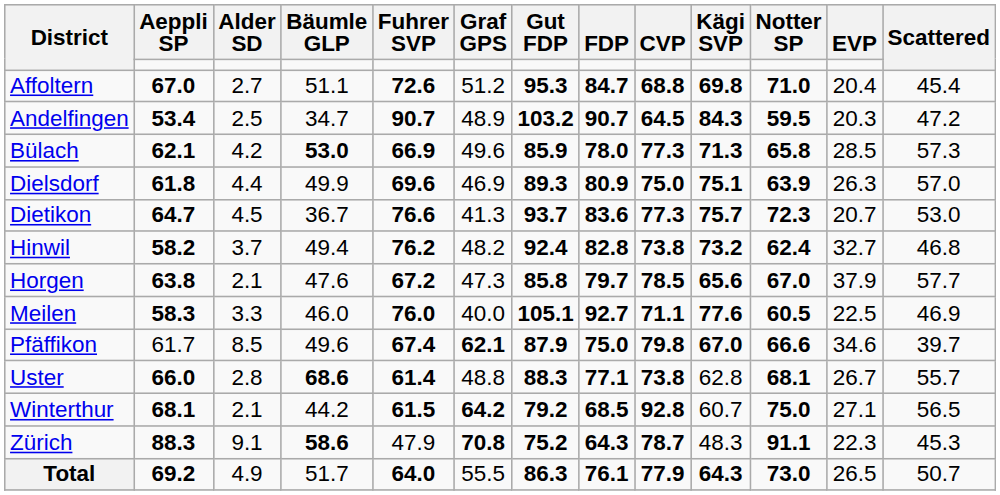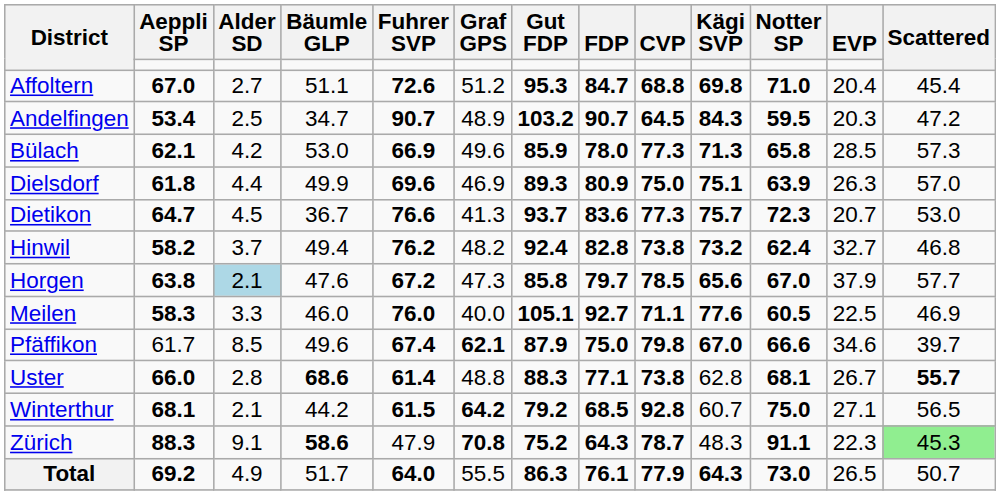 <table class="wikitable" style="text-align:center; font-size:90%; line-height:14px;">
 <tr>
 <th rowspan=2>District</th>
 <th>Aeppli<br>SP</th>
 <th>Alder<br>SD</th>
 <th>Bäumle<br>GLP</th>
 <th>Fuhrer<br>SVP</th>
 <th>Graf<br>GPS</th>
 <th>Gut<br>FDP</th>
 <th><br>FDP</th>
 <th><br>CVP</th>
 <th>Kägi<br>SVP</th>
 <th>Notter<br>SP</th>
 <th><br>EVP</th>
 <th rowspan=2>Scattered</th>
 </tr>
 <tr>
 <td style="width:40px; background-color:"></td>
 <td style="width:40px; background-color:"></td>
 <td style="width:40px; background-color:"></td>
 <td style="width:40px; background-color:"></td>
 <td style="width:40px; background-color:"></td>
 <td style="width:40px; background-color:"></td>
 <td style="width:40px; background-color:"></td>
 <td style="width:40px; background-color:"></td>
 <td style="width:40px; background-color:"></td>
 <td style="width:40px; background-color:"></td>
 <td style="width:40px; background-color:"></td>
 </tr>
 <tr>
 <td align="left"><a href='#'>Affoltern</a></td>
 <td style="background-color:#"><strong>67.0</strong></td>
 <td>2.7</td>
 <td>51.1</td>
 <td style="background-color:#"><strong>72.6</strong></td>
 <td>51.2</td>
 <td style="background-color:#"><strong>95.3</strong></td>
 <td style="background-color:#"><strong>84.7</strong></td>
 <td style="background-color:#"><strong>68.8</strong></td>
 <td style="background-color:#"><strong>69.8</strong></td>
 <td style="background-color:#"><strong>71.0</strong></td>
 <td>20.4</td>
 <td>45.4</td>
 </tr>
 <tr>
 <td align="left"><a href='#'>Andelfingen</a></td>
 <td style="background-color:#"><strong>53.4</strong></td>
 <td>2.5</td>
 <td>34.7</td>
 <td style="background-color:#"><strong>90.7</strong></td>
 <td>48.9</td>
 <td style="background-color:#"><strong>103.2</strong></td>
 <td style="background-color:#"><strong>90.7</strong></td>
 <td style="background-color:#"><strong>64.5</strong></td>
 <td style="background-color:#"><strong>84.3</strong></td>
 <td style="background-color:#"><strong>59.5</strong></td>
 <td>20.3</td>
 <td>47.2</td>
 </tr>
 <tr>
 <td align="left"><a href='#'>Bülach</a></td>
 <td style="background-color:#"><strong>62.1</strong></td>
 <td>4.2</td>
-<td><strong>53.0</strong></td>
+<td>53.0</td>
 <td style="background-color:#"><strong>66.9</strong></td>
 <td>49.6</td>
 <td style="background-color:#"><strong>85.9</strong></td>
 <td style="background-color:#"><strong>78.0</strong></td>
 <td style="background-color:#"><strong>77.3</strong></td>
 <td style="background-color:#"><strong>71.3</strong></td>
 <td style="background-color:#"><strong>65.8</strong></td>
 <td>28.5</td>
 <td>57.3</td>
 </tr>
 <tr>
 <td align="left"><a href='#'>Dielsdorf</a></td>
 <td style="background-color:#"><strong>61.8</strong></td>
 <td>4.4</td>
 <td>49.9</td>
 <td style="background-color:#"><strong>69.6</strong></td>
 <td>46.9</td>
 <td style="background-color:#"><strong>89.3</strong></td>
 <td style="background-color:#"><strong>80.9</strong></td>
 <td style="background-color:#"><strong>75.0</strong></td>
 <td style="background-color:#"><strong>75.1</strong></td>
 <td style="background-color:#"><strong>63.9</strong></td>
 <td>26.3</td>
 <td>57.0</td>
 </tr>
 <tr>
 <td align="left"><a href='#'>Dietikon</a></td>
 <td style="background-color:#"><strong>64.7</strong></td>
 <td>4.5</td>
 <td>36.7</td>
 <td style="background-color:#"><strong>76.6</strong></td>
 <td>41.3</td>
 <td style="background-color:#"><strong>93.7</strong></td>
 <td style="background-color:#"><strong>83.6</strong></td>
 <td style="background-color:#"><strong>77.3</strong></td>
 <td style="background-color:#"><strong>75.7</strong></td>
 <td style="background-color:#"><strong>72.3</strong></td>
 <td>20.7</td>
 <td>53.0</td>
 </tr>
 <tr>
 <td align="left"><a href='#'>Hinwil</a></td>
 <td style="background-color:#"><strong>58.2</strong></td>
 <td>3.7</td>
 <td>49.4</td>
 <td style="background-color:#"><strong>76.2</strong></td>
 <td>48.2</td>
 <td style="background-color:#"><strong>92.4</strong></td>
 <td style="background-color:#"><strong>82.8</strong></td>
 <td style="background-color:#"><strong>73.8</strong></td>
 <td style="background-color:#"><strong>73.2</strong></td>
 <td style="background-color:#"><strong>62.4</strong></td>
 <td>32.7</td>
 <td>46.8</td>
 </tr>
 <tr>
 <td align="left"><a href='#'>Horgen</a></td>
 <td style="background-color:#"><strong>63.8</strong></td>
-<td>2.1</td>
+<td style="background: lightblue;">2.1</td>
 <td>47.6</td>
 <td style="background-color:#"><strong>67.2</strong></td>
 <td>47.3</td>
 <td style="background-color:#"><strong>85.8</strong></td>
 <td style="background-color:#"><strong>79.7</strong></td>
 <td style="background-color:#"><strong>78.5</strong></td>
 <td style="background-color:#"><strong>65.6</strong></td>
 <td style="background-color:#"><strong>67.0</strong></td>
 <td>37.9</td>
 <td>57.7</td>
 </tr>
 <tr>
 <td align="left"><a href='#'>Meilen</a></td>
 <td style="background-color:#"><strong>58.3</strong></td>
 <td>3.3</td>
 <td>46.0</td>
 <td style="background-color:#"><strong>76.0</strong></td>
 <td>40.0</td>
 <td style="background-color:#"><strong>105.1</strong></td>
 <td style="background-color:#"><strong>92.7</strong></td>
 <td style="background-color:#"><strong>71.1</strong></td>
 <td style="background-color:#"><strong>77.6</strong></td>
 <td style="background-color:#"><strong>60.5</strong></td>
 <td>22.5</td>
 <td>46.9</td>
 </tr>
 <tr>
 <td align="left"><a href='#'>Pfäffikon</a></td>
 <td>61.7</td>
 <td>8.5</td>
 <td>49.6</td>
 <td style="background-color:#"><strong>67.4</strong></td>
 <td style="background-color:#"><strong>62.1</strong></td>
 <td style="background-color:#"><strong>87.9</strong></td>
 <td style="background-color:#"><strong>75.0</strong></td>
 <td style="background-color:#"><strong>79.8</strong></td>
 <td style="background-color:#"><strong>67.0</strong></td>
 <td style="background-color:#"><strong>66.6</strong></td>
 <td>34.6</td>
 <td>39.7</td>
 </tr>
 <tr>
 <td align="left"><a href='#'>Uster</a></td>
 <td style="background-color:#"><strong>66.0</strong></td>
 <td>2.8</td>
 <td style="background-color:#"><strong>68.6</strong></td>
 <td style="background-color:#"><strong>61.4</strong></td>
 <td>48.8</td>
 <td style="background-color:#"><strong>88.3</strong></td>
 <td style="background-color:#"><strong>77.1</strong></td>
 <td style="background-color:#"><strong>73.8</strong></td>
 <td>62.8</td>
 <td style="background-color:#"><strong>68.1</strong></td>
 <td>26.7</td>
-<td>55.7</td>
+<td><strong>55.7</strong></td>
 </tr>
 <tr>
 <td align="left"><a href='#'>Winterthur</a></td>
 <td style="background-color:#"><strong>68.1</strong></td>
 <td>2.1</td>
 <td>44.2</td>
 <td style="background-color:#"><strong>61.5</strong></td>
 <td style="background-color:#"><strong>64.2</strong></td>
 <td style="background-color:#"><strong>79.2</strong></td>
 <td style="background-color:#"><strong>68.5</strong></td>
 <td style="background-color:#"><strong>92.8</strong></td>
 <td>60.7</td>
 <td style="background-color:#"><strong>75.0</strong></td>
 <td>27.1</td>
 <td>56.5</td>
 </tr>
 <tr>
 <td align="left"><a href='#'>Zürich</a></td>
 <td style="background-color:#"><strong>88.3</strong></td>
 <td>9.1</td>
 <td style="background-color:#"><strong>58.6</strong></td>
 <td>47.9</td>
 <td style="background-color:#"><strong>70.8</strong></td>
 <td style="background-color:#"><strong>75.2</strong></td>
 <td style="background-color:#"><strong>64.3</strong></td>
 <td style="background-color:#"><strong>78.7</strong></td>
 <td>48.3</td>
 <td style="background-color:#"><strong>91.1</strong></td>
 <td>22.3</td>
-<td>45.3</td>
+<td style="background: lightgreen;">45.3</td>
 </tr>
 <tr>
 <th>Total</th>
 <td style="background-color:#"><strong>69.2</strong></td>
 <td>4.9</td>
 <td>51.7</td>
 <td style="background-color:#"><strong>64.0</strong></td>
 <td>55.5</td>
 <td style="background-color:#"><strong>86.3</strong></td>
 <td style="background-color:#"><strong>76.1</strong></td>
 <td style="background-color:#"><strong>77.9</strong></td>
 <td style="background-color:#"><strong>64.3</strong></td>
 <td style="background-color:#"><strong>73.0</strong></td>
 <td>26.5</td>
 <td>50.7</td>
 </tr>
 </table>
